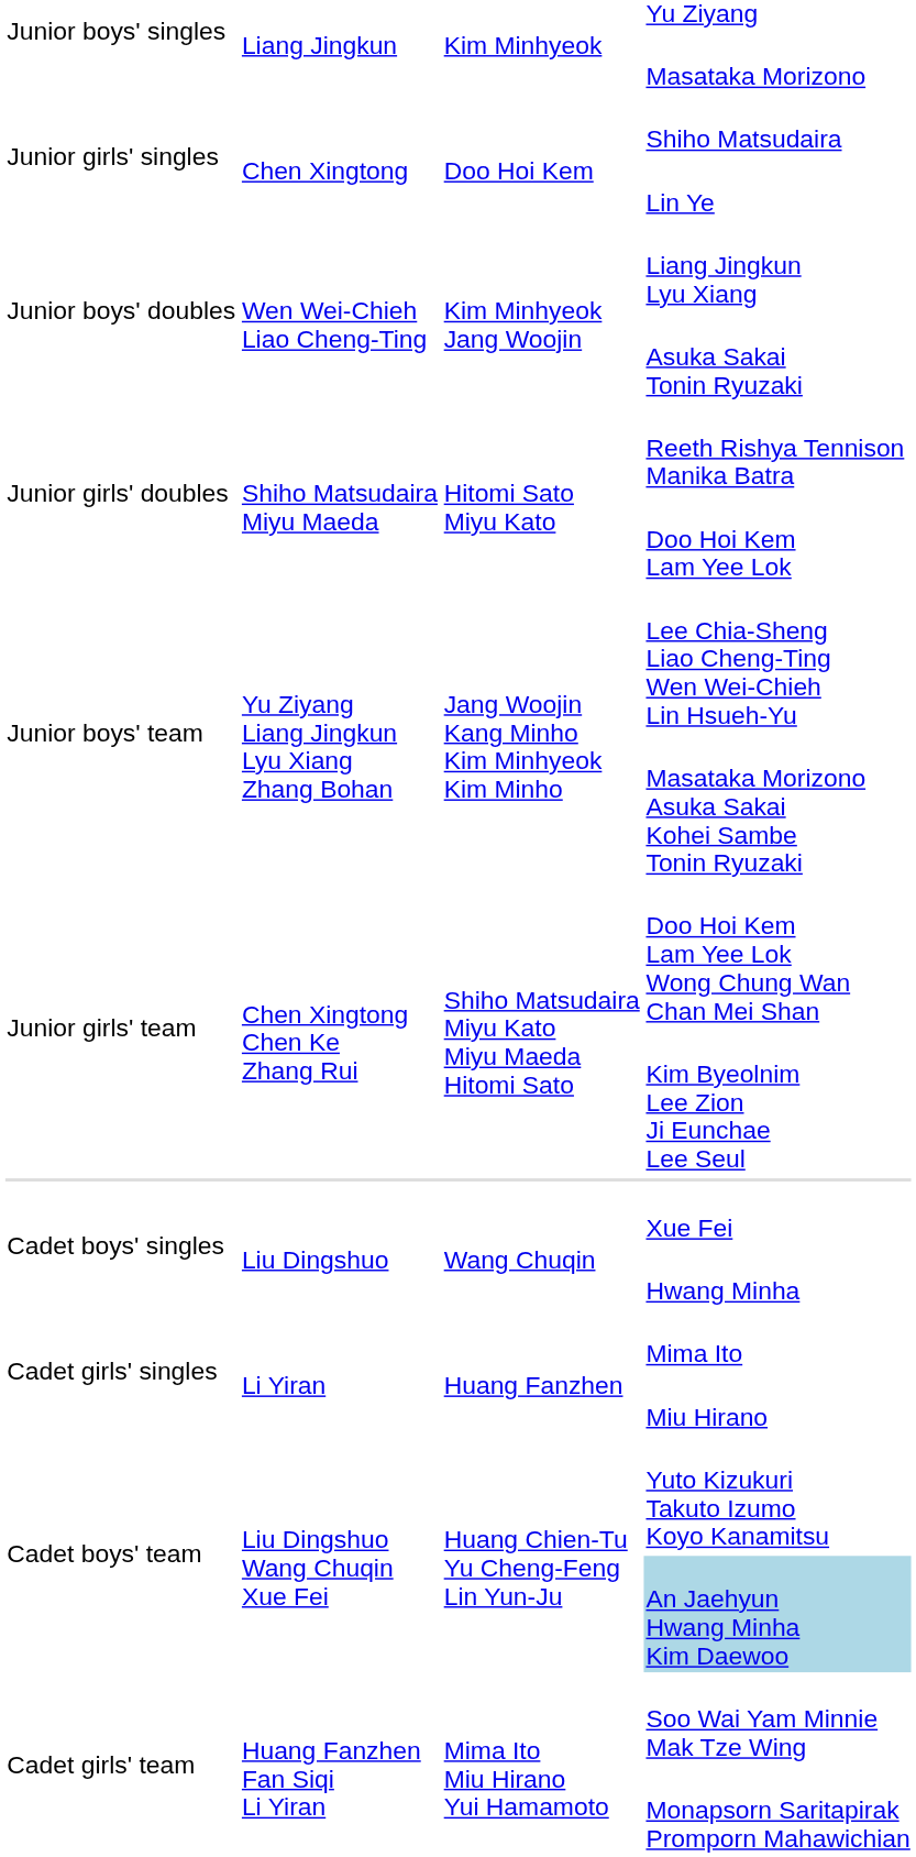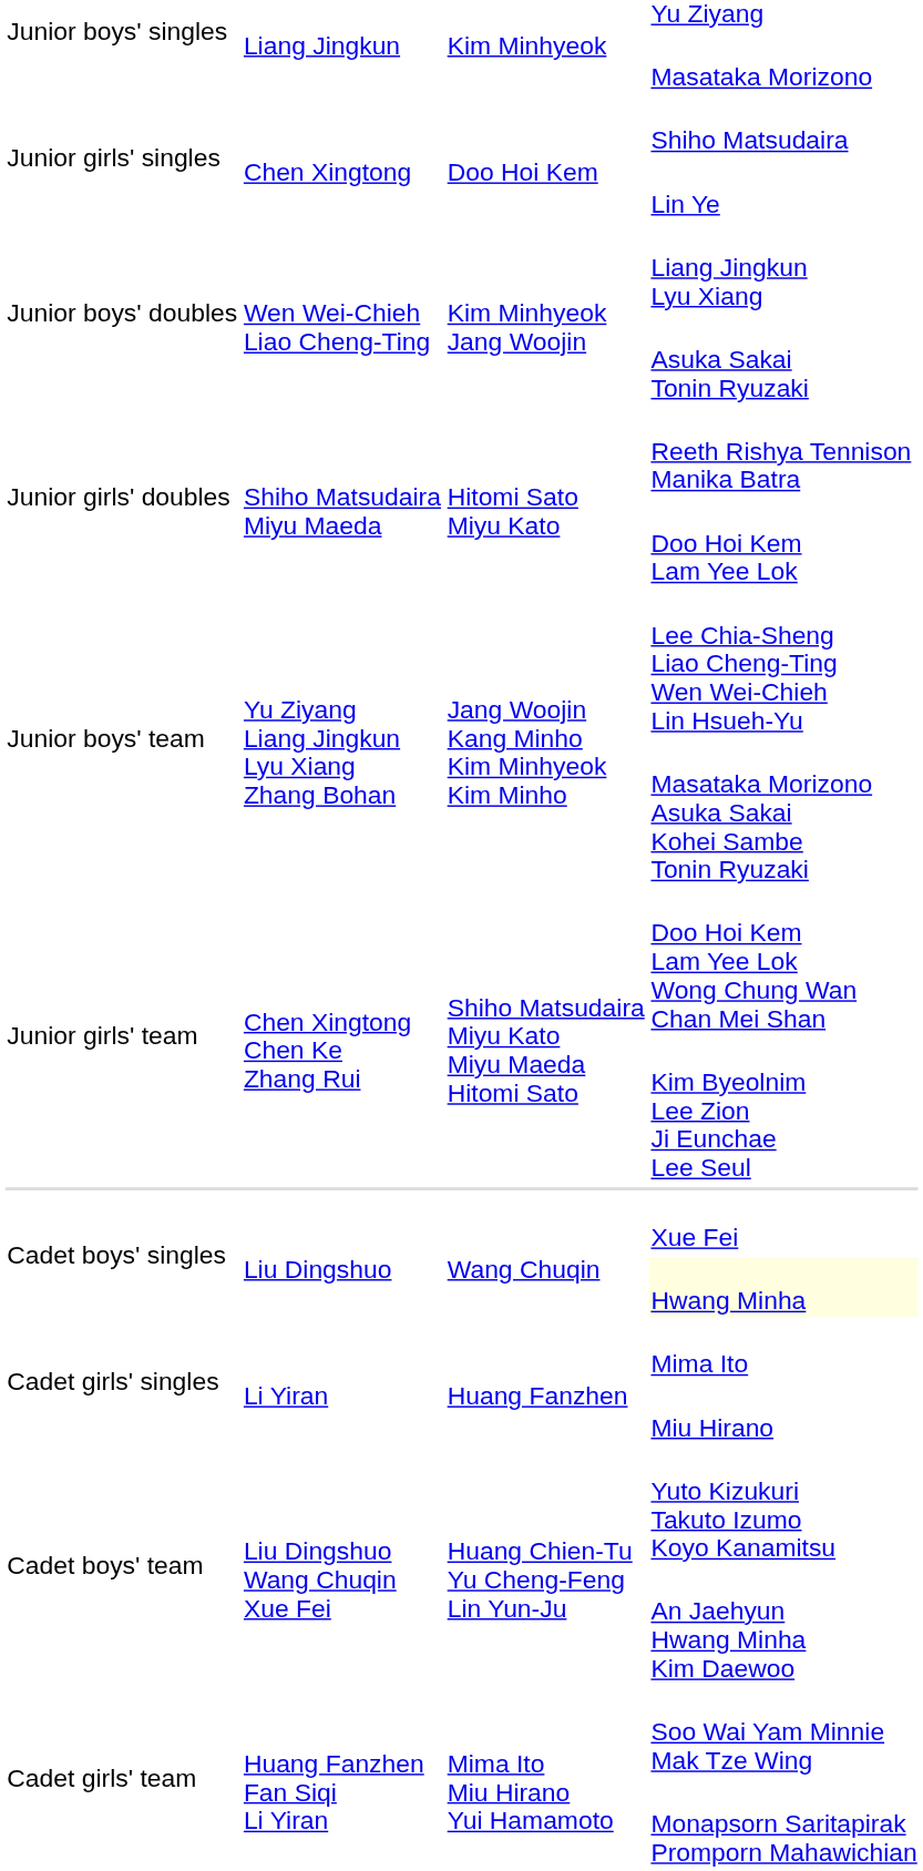 <table>
 <tr>
 <td rowspan=2>Junior boys' singles</td>
 <td rowspan=2><br><a href='#'>Liang Jingkun</a></td>
 <td rowspan=2><br><a href='#'>Kim Minhyeok</a></td>
 <td><br><a href='#'>Yu Ziyang</a></td>
 </tr>
 <tr>
 <td><br><a href='#'>Masataka Morizono</a></td>
 </tr>
 <tr>
 <td rowspan=2>Junior girls' singles</td>
 <td rowspan=2><br><a href='#'>Chen Xingtong</a></td>
 <td rowspan=2><br><a href='#'>Doo Hoi Kem</a></td>
 <td><br><a href='#'>Shiho Matsudaira</a></td>
 </tr>
 <tr>
 <td><br><a href='#'>Lin Ye</a></td>
 </tr>
 <tr>
 <td rowspan=2>Junior boys' doubles</td>
 <td rowspan=2><br><a href='#'>Wen Wei-Chieh</a><br><a href='#'>Liao Cheng-Ting</a></td>
 <td rowspan=2><br><a href='#'>Kim Minhyeok</a><br><a href='#'>Jang Woojin</a></td>
 <td><br><a href='#'>Liang Jingkun</a><br><a href='#'>Lyu Xiang</a></td>
 </tr>
 <tr>
 <td><br><a href='#'>Asuka Sakai</a><br><a href='#'>Tonin Ryuzaki</a></td>
 </tr>
 <tr>
 <td rowspan=2>Junior girls' doubles</td>
 <td rowspan=2><br><a href='#'>Shiho Matsudaira</a><br><a href='#'>Miyu Maeda</a></td>
 <td rowspan=2><br><a href='#'>Hitomi Sato</a><br><a href='#'>Miyu Kato</a></td>
 <td><br><a href='#'>Reeth Rishya Tennison</a><br><a href='#'>Manika Batra</a></td>
 </tr>
 <tr>
 <td><br><a href='#'>Doo Hoi Kem</a><br><a href='#'>Lam Yee Lok</a></td>
 </tr>
 <tr>
 <td rowspan=2>Junior boys' team</td>
 <td rowspan=2><br><a href='#'>Yu Ziyang</a><br><a href='#'>Liang Jingkun</a><br><a href='#'>Lyu Xiang</a><br><a href='#'>Zhang Bohan</a></td>
 <td rowspan=2><br><a href='#'>Jang Woojin</a><br><a href='#'>Kang Minho</a><br><a href='#'>Kim Minhyeok</a><br><a href='#'>Kim Minho</a></td>
 <td><br><a href='#'>Lee Chia-Sheng</a><br><a href='#'>Liao Cheng-Ting</a><br><a href='#'>Wen Wei-Chieh</a><br><a href='#'>Lin Hsueh-Yu</a></td>
 </tr>
 <tr>
 <td><br><a href='#'>Masataka Morizono</a><br><a href='#'>Asuka Sakai</a><br><a href='#'>Kohei Sambe</a><br><a href='#'>Tonin Ryuzaki</a></td>
 </tr>
 <tr>
 <td rowspan=2>Junior girls' team</td>
 <td rowspan=2><br><a href='#'>Chen Xingtong</a><br><a href='#'>Chen Ke</a><br><a href='#'>Zhang Rui</a></td>
 <td rowspan=2><br><a href='#'>Shiho Matsudaira</a><br><a href='#'>Miyu Kato</a><br><a href='#'>Miyu Maeda</a><br><a href='#'>Hitomi Sato</a></td>
 <td><br><a href='#'>Doo Hoi Kem</a><br><a href='#'>Lam Yee Lok</a><br><a href='#'>Wong Chung Wan</a><br><a href='#'>Chan Mei Shan</a></td>
 </tr>
 <tr>
 <td><br><a href='#'>Kim Byeolnim</a><br><a href='#'>Lee Zion</a><br><a href='#'>Ji Eunchae</a><br><a href='#'>Lee Seul</a></td>
 </tr>
 <tr style="background:#dddddd;">
 <td colspan=7></td>
 </tr>
 <tr>
 <td rowspan=2>Cadet boys' singles</td>
 <td rowspan=2><br><a href='#'>Liu Dingshuo</a></td>
 <td rowspan=2><br><a href='#'>Wang Chuqin</a></td>
 <td><br><a href='#'>Xue Fei</a></td>
 </tr>
 <tr>
-<td><br><a href='#'>Hwang Minha</a></td>
+<td style="background: lightyellow;"><br><a href='#'>Hwang Minha</a></td>
 </tr>
 <tr>
 <td rowspan=2>Cadet girls' singles</td>
 <td rowspan=2><br><a href='#'>Li Yiran</a></td>
 <td rowspan=2><br><a href='#'>Huang Fanzhen</a></td>
 <td><br><a href='#'>Mima Ito</a></td>
 </tr>
 <tr>
 <td><br><a href='#'>Miu Hirano</a></td>
 </tr>
 <tr>
 <td rowspan=2>Cadet boys' team</td>
 <td rowspan=2><br><a href='#'>Liu Dingshuo</a><br><a href='#'>Wang Chuqin</a><br><a href='#'>Xue Fei</a></td>
 <td rowspan=2><br><a href='#'>Huang Chien-Tu</a><br><a href='#'>Yu Cheng-Feng</a><br><a href='#'>Lin Yun-Ju</a></td>
 <td><br><a href='#'>Yuto Kizukuri</a><br><a href='#'>Takuto Izumo</a><br><a href='#'>Koyo Kanamitsu</a></td>
 </tr>
 <tr>
-<td style="background: lightblue;"><br><a href='#'>An Jaehyun</a><br><a href='#'>Hwang Minha</a><br><a href='#'>Kim Daewoo</a></td>
+<td><br><a href='#'>An Jaehyun</a><br><a href='#'>Hwang Minha</a><br><a href='#'>Kim Daewoo</a></td>
 </tr>
 <tr>
 <td rowspan=2>Cadet girls' team</td>
 <td rowspan=2><br><a href='#'>Huang Fanzhen</a><br><a href='#'>Fan Siqi</a><br><a href='#'>Li Yiran</a></td>
 <td rowspan=2><br><a href='#'>Mima Ito</a><br><a href='#'>Miu Hirano</a><br><a href='#'>Yui Hamamoto</a></td>
 <td><br><a href='#'>Soo Wai Yam Minnie</a><br><a href='#'>Mak Tze Wing</a></td>
 </tr>
 <tr>
 <td><br><a href='#'>Monapsorn Saritapirak</a><br><a href='#'>Promporn Mahawichian</a></td>
 </tr>
 </table>
